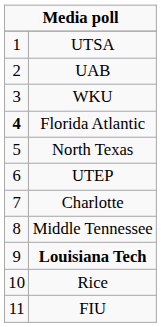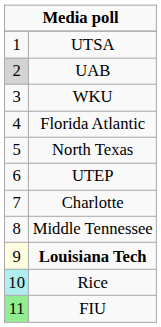 <table class="wikitable" style="display: inline-table;">
 <tr>
 <td align="center" Colspan="3"><strong>Media poll</strong></td>
 </tr>
 <tr align="center">
 </tr>
 <tr align="center">
 <td>1</td>
 <td>UTSA</td>
 </tr>
 <tr align="center">
-<td>2</td>
+<td style="background: lightgrey;">2</td>
 <td>UAB</td>
 </tr>
 <tr align="center">
 <td>3</td>
 <td>WKU</td>
 </tr>
 <tr align="center">
-<td><strong>4</strong></td>
+<td>4</td>
 <td>Florida Atlantic</td>
 </tr>
 <tr align="center">
 <td>5</td>
 <td>North Texas</td>
 </tr>
 <tr align="center">
 <td>6</td>
 <td>UTEP</td>
 </tr>
 <tr align="center">
 <td>7</td>
 <td>Charlotte</td>
 </tr>
 <tr align="center">
 <td>8</td>
 <td>Middle Tennessee</td>
 </tr>
 <tr align="center">
-<td>9</td>
+<td style="background: lightyellow;">9</td>
 <td><strong>Louisiana Tech</strong></td>
 </tr>
 <tr align="center">
-<td>10</td>
+<td style="background: paleturquoise;">10</td>
 <td>Rice</td>
 </tr>
 <tr align="center">
-<td>11</td>
+<td style="background: lightgreen;">11</td>
 <td>FIU</td>
 </tr>
 </table>
